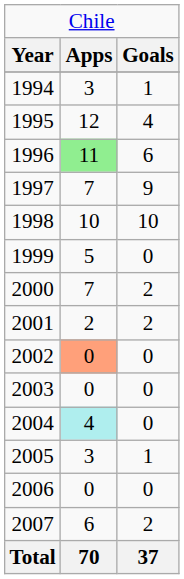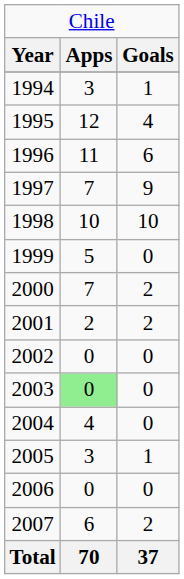 <table class="wikitable" style="text-align:center">
 <tr>
 <td colspan=3><a href='#'>Chile</a></td>
 </tr>
 <tr>
 <th>Year</th>
 <th>Apps</th>
 <th>Goals</th>
 </tr>
 <tr>
 </tr>
 <tr>
 <td>1994</td>
 <td>3</td>
 <td>1</td>
 </tr>
 <tr>
 <td>1995</td>
 <td>12</td>
 <td>4</td>
 </tr>
 <tr>
 <td>1996</td>
-<td style="background: lightgreen;">11</td>
+<td>11</td>
 <td>6</td>
 </tr>
 <tr>
 <td>1997</td>
 <td>7</td>
 <td>9</td>
 </tr>
 <tr>
 <td>1998</td>
 <td>10</td>
 <td>10</td>
 </tr>
 <tr>
 <td>1999</td>
 <td>5</td>
 <td>0</td>
 </tr>
 <tr>
 <td>2000</td>
 <td>7</td>
 <td>2</td>
 </tr>
 <tr>
 <td>2001</td>
 <td>2</td>
 <td>2</td>
 </tr>
 <tr>
 <td>2002</td>
-<td style="background: lightsalmon;">0</td>
+<td>0</td>
 <td>0</td>
 </tr>
 <tr>
 <td>2003</td>
-<td>0</td>
+<td style="background: lightgreen;">0</td>
 <td>0</td>
 </tr>
 <tr>
 <td>2004</td>
-<td style="background: paleturquoise;">4</td>
+<td>4</td>
 <td>0</td>
 </tr>
 <tr>
 <td>2005</td>
 <td>3</td>
 <td>1</td>
 </tr>
 <tr>
 <td>2006</td>
 <td>0</td>
 <td>0</td>
 </tr>
 <tr>
 <td>2007</td>
 <td>6</td>
 <td>2</td>
 </tr>
 <tr>
 <th>Total</th>
 <th>70</th>
 <th>37</th>
 </tr>
 </table>
